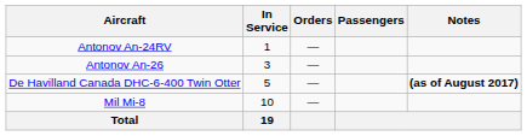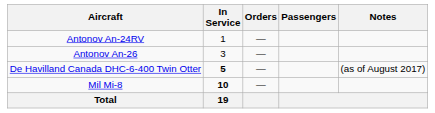 <table class="wikitable" style="border-collapse:collapse;text-align:center;margin:1em auto;">
 <tr>
 <th>Aircraft</th>
 <th>In<br>Service</th>
 <th>Orders</th>
 <th>Passengers</th>
 <th>Notes</th>
 </tr>
 <tr>
 <td><a href='#'>Antonov An-24RV</a></td>
 <td align="center">1</td>
 <td align="center">—</td>
 <td align="center"></td>
 <td></td>
 </tr>
 <tr>
 <td><a href='#'>Antonov An-26</a></td>
 <td align="center">3</td>
 <td align="center">—</td>
 <td align="center"></td>
 <td></td>
 </tr>
 <tr>
 <td><a href='#'>De Havilland Canada DHC-6-400 Twin Otter</a></td>
-<td align="center">5</td>
+<td align="center"><strong>5</strong></td>
 <td align="center">—</td>
 <td align="center"></td>
-<td><strong>(as of August 2017)</strong></td>
+<td>(as of August 2017)</td>
 </tr>
 <tr>
 <td><a href='#'>Mil Mi-8</a></td>
-<td align="center">10</td>
+<td align="center"><strong>10</strong></td>
 <td align="center">—</td>
 <td align="center"></td>
 <td></td>
 </tr>
 <tr>
 <th>Total</th>
 <th>19</th>
 <th></th>
 <th colspan="2"></th>
 </tr>
 </table>
